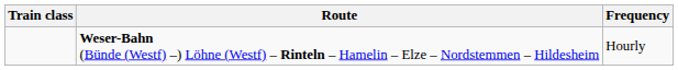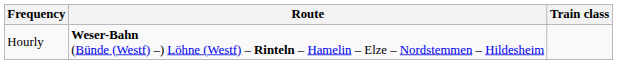 <table class="wikitable">
 <tr class="hintergrundfarbe5">
+<th>Frequency</th>
+<th>Route</th>
 <th>Train class</th>
-<th>Route</th>
-<th>Frequency</th>
 </tr>
 <tr>
+<td>Hourly</td>
+<td><strong>Weser-Bahn</strong><br>(<a href='#'>Bünde (Westf)</a> –) <a href='#'>Löhne (Westf)</a> – <strong>Rinteln</strong> – <a href='#'>Hamelin</a> – Elze – <a href='#'>Nordstemmen</a> – <a href='#'>Hildesheim</a></td>
 <td></td>
-<td><strong>Weser-Bahn</strong><br>(<a href='#'>Bünde (Westf)</a> –) <a href='#'>Löhne (Westf)</a> – <strong>Rinteln</strong> – <a href='#'>Hamelin</a> – Elze – <a href='#'>Nordstemmen</a> – <a href='#'>Hildesheim</a></td>
-<td>Hourly</td>
 </tr>
 </table>
